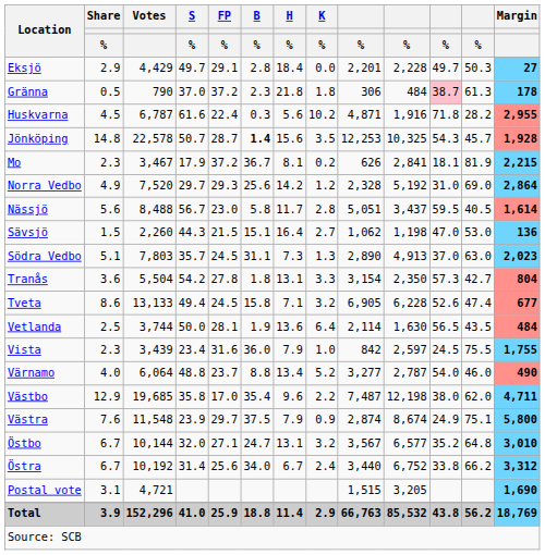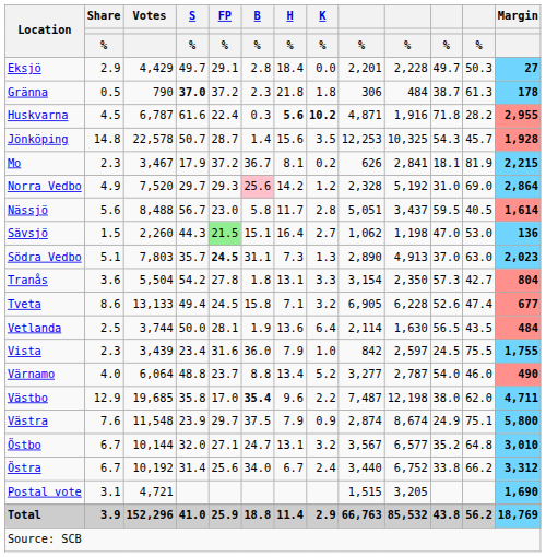 <table class="wikitable sortable" style="text-align:right; font-size:95%; line-height:20px;">
 <tr>
 <th rowspan="3">Location</th>
 <th>Share</th>
 <th>Votes</th>
 <th width="30px" class="unsortable"><a href='#'>S</a></th>
 <th width="30px" class="unsortable"><a href='#'>FP</a></th>
 <th width="30px" class="unsortable"><a href='#'>B</a></th>
 <th width="30px" class="unsortable"><a href='#'>H</a></th>
 <th width="30px" class="unsortable"><a href='#'>K</a></th>
 <th></th>
 <th></th>
 <th></th>
 <th></th>
 <th>Margin</th>
 </tr>
 <tr>
 <th></th>
 <th></th>
 <th style="background:"></th>
 <th style="background:"></th>
 <th style="background:"></th>
 <th style="background:"></th>
 <th style="background:"></th>
 <th style="background:"></th>
 <th style="background:"></th>
 <th style="background:"></th>
 <th style="background:"></th>
 <th></th>
 </tr>
 <tr>
 <th data-sort-type="number">%</th>
 <th></th>
 <th data-sort-type="number">%</th>
 <th data-sort-type="number">%</th>
 <th data-sort-type="number">%</th>
 <th data-sort-type="number">%</th>
 <th data-sort-type="number">%</th>
 <th data-sort-type="number">%</th>
 <th data-sort-type="number">%</th>
 <th data-sort-type="number">%</th>
 <th data-sort-type="number">%</th>
 <th data-sort-type="number"></th>
 </tr>
 <tr>
 <td align=left><a href='#'>Eksjö</a></td>
 <td>2.9</td>
 <td>4,429</td>
 <td>49.7</td>
 <td>29.1</td>
 <td>2.8</td>
 <td>18.4</td>
 <td>0.0</td>
 <td>2,201</td>
 <td>2,228</td>
 <td>49.7</td>
 <td>50.3</td>
 <td bgcolor=#6fd5fe><strong>27</strong></td>
 </tr>
 <tr>
 <td align=left><a href='#'>Gränna</a></td>
 <td>0.5</td>
 <td>790</td>
-<td>37.0</td>
+<td><strong>37.0</strong></td>
 <td>37.2</td>
 <td>2.3</td>
 <td>21.8</td>
 <td>1.8</td>
 <td>306</td>
 <td>484</td>
-<td style="background: pink;">38.7</td>
+<td>38.7</td>
 <td>61.3</td>
 <td bgcolor=#6fd5fe><strong>178</strong></td>
 </tr>
 <tr>
 <td align=left><a href='#'>Huskvarna</a></td>
 <td>4.5</td>
 <td>6,787</td>
 <td>61.6</td>
 <td>22.4</td>
 <td>0.3</td>
-<td>5.6</td>
-<td>10.2</td>
+<td><strong>5.6</strong></td>
+<td><strong>10.2</strong></td>
 <td>4,871</td>
 <td>1,916</td>
 <td>71.8</td>
 <td>28.2</td>
 <td bgcolor=#ff908c><strong>2,955</strong></td>
 </tr>
 <tr>
 <td align=left><a href='#'>Jönköping</a></td>
 <td>14.8</td>
 <td>22,578</td>
 <td>50.7</td>
 <td>28.7</td>
-<td><strong>1.4</strong></td>
+<td>1.4</td>
 <td>15.6</td>
 <td>3.5</td>
 <td>12,253</td>
 <td>10,325</td>
 <td>54.3</td>
 <td>45.7</td>
 <td bgcolor=#ff908c><strong>1,928</strong></td>
 </tr>
 <tr>
 <td align=left><a href='#'>Mo</a></td>
 <td>2.3</td>
 <td>3,467</td>
 <td>17.9</td>
 <td>37.2</td>
 <td>36.7</td>
 <td>8.1</td>
 <td>0.2</td>
 <td>626</td>
 <td>2,841</td>
 <td>18.1</td>
 <td>81.9</td>
 <td bgcolor=#6fd5fe><strong>2,215</strong></td>
 </tr>
 <tr>
 <td align=left><a href='#'>Norra Vedbo</a></td>
 <td>4.9</td>
 <td>7,520</td>
 <td>29.7</td>
 <td>29.3</td>
-<td>25.6</td>
+<td style="background: pink;">25.6</td>
 <td>14.2</td>
 <td>1.2</td>
 <td>2,328</td>
 <td>5,192</td>
 <td>31.0</td>
 <td>69.0</td>
 <td bgcolor=#6fd5fe><strong>2,864</strong></td>
 </tr>
 <tr>
 <td align=left><a href='#'>Nässjö</a></td>
 <td>5.6</td>
 <td>8,488</td>
 <td>56.7</td>
 <td>23.0</td>
 <td>5.8</td>
 <td>11.7</td>
 <td>2.8</td>
 <td>5,051</td>
 <td>3,437</td>
 <td>59.5</td>
 <td>40.5</td>
 <td bgcolor=#ff908c><strong>1,614</strong></td>
 </tr>
 <tr>
 <td align=left><a href='#'>Sävsjö</a></td>
 <td>1.5</td>
 <td>2,260</td>
 <td>44.3</td>
-<td>21.5</td>
+<td style="background: lightgreen;">21.5</td>
 <td>15.1</td>
 <td>16.4</td>
 <td>2.7</td>
 <td>1,062</td>
 <td>1,198</td>
 <td>47.0</td>
 <td>53.0</td>
 <td bgcolor=#6fd5fe><strong>136</strong></td>
 </tr>
 <tr>
 <td align=left><a href='#'>Södra Vedbo</a></td>
 <td>5.1</td>
 <td>7,803</td>
 <td>35.7</td>
-<td>24.5</td>
+<td><strong>24.5</strong></td>
 <td>31.1</td>
 <td>7.3</td>
 <td>1.3</td>
 <td>2,890</td>
 <td>4,913</td>
 <td>37.0</td>
 <td>63.0</td>
 <td bgcolor=#6fd5fe><strong>2,023</strong></td>
 </tr>
 <tr>
 <td align=left><a href='#'>Tranås</a></td>
 <td>3.6</td>
 <td>5,504</td>
 <td>54.2</td>
 <td>27.8</td>
 <td>1.8</td>
 <td>13.1</td>
 <td>3.3</td>
 <td>3,154</td>
 <td>2,350</td>
 <td>57.3</td>
 <td>42.7</td>
 <td bgcolor=#ff908c><strong>804</strong></td>
 </tr>
 <tr>
 <td align=left><a href='#'>Tveta</a></td>
 <td>8.6</td>
 <td>13,133</td>
 <td>49.4</td>
 <td>24.5</td>
 <td>15.8</td>
 <td>7.1</td>
 <td>3.2</td>
 <td>6,905</td>
 <td>6,228</td>
 <td>52.6</td>
 <td>47.4</td>
 <td bgcolor=#ff908c><strong>677</strong></td>
 </tr>
 <tr>
 <td align=left><a href='#'>Vetlanda</a></td>
 <td>2.5</td>
 <td>3,744</td>
 <td>50.0</td>
 <td>28.1</td>
 <td>1.9</td>
 <td>13.6</td>
 <td>6.4</td>
 <td>2,114</td>
 <td>1,630</td>
 <td>56.5</td>
 <td>43.5</td>
 <td bgcolor=#ff908c><strong>484</strong></td>
 </tr>
 <tr>
 <td align=left><a href='#'>Vista</a></td>
 <td>2.3</td>
 <td>3,439</td>
 <td>23.4</td>
 <td>31.6</td>
 <td>36.0</td>
 <td>7.9</td>
 <td>1.0</td>
 <td>842</td>
 <td>2,597</td>
 <td>24.5</td>
 <td>75.5</td>
 <td bgcolor=#6fd5fe><strong>1,755</strong></td>
 </tr>
 <tr>
 <td align=left><a href='#'>Värnamo</a></td>
 <td>4.0</td>
 <td>6,064</td>
 <td>48.8</td>
 <td>23.7</td>
 <td>8.8</td>
 <td>13.4</td>
 <td>5.2</td>
 <td>3,277</td>
 <td>2,787</td>
 <td>54.0</td>
 <td>46.0</td>
 <td bgcolor=#ff908c><strong>490</strong></td>
 </tr>
 <tr>
 <td align=left><a href='#'>Västbo</a></td>
 <td>12.9</td>
 <td>19,685</td>
 <td>35.8</td>
 <td>17.0</td>
-<td>35.4</td>
+<td><strong>35.4</strong></td>
 <td>9.6</td>
 <td>2.2</td>
 <td>7,487</td>
 <td>12,198</td>
 <td>38.0</td>
 <td>62.0</td>
 <td bgcolor=#6fd5fe><strong>4,711</strong></td>
 </tr>
 <tr>
 <td align=left><a href='#'>Västra</a></td>
 <td>7.6</td>
 <td>11,548</td>
 <td>23.9</td>
 <td>29.7</td>
 <td>37.5</td>
 <td>7.9</td>
 <td>0.9</td>
 <td>2,874</td>
 <td>8,674</td>
 <td>24.9</td>
 <td>75.1</td>
 <td bgcolor=#6fd5fe><strong>5,800</strong></td>
 </tr>
 <tr>
 <td align=left><a href='#'>Östbo</a></td>
 <td>6.7</td>
 <td>10,144</td>
 <td>32.0</td>
 <td>27.1</td>
 <td>24.7</td>
 <td>13.1</td>
 <td>3.2</td>
 <td>3,567</td>
 <td>6,577</td>
 <td>35.2</td>
 <td>64.8</td>
 <td bgcolor=#6fd5fe><strong>3,010</strong></td>
 </tr>
 <tr>
 <td align=left><a href='#'>Östra</a></td>
 <td>6.7</td>
 <td>10,192</td>
 <td>31.4</td>
 <td>25.6</td>
 <td>34.0</td>
 <td>6.7</td>
 <td>2.4</td>
 <td>3,440</td>
 <td>6,752</td>
 <td>33.8</td>
 <td>66.2</td>
 <td bgcolor=#6fd5fe><strong>3,312</strong></td>
 </tr>
 <tr>
 <td align=left><a href='#'>Postal vote</a></td>
 <td>3.1</td>
 <td>4,721</td>
 <td></td>
 <td></td>
 <td></td>
 <td></td>
 <td></td>
 <td>1,515</td>
 <td>3,205</td>
 <td></td>
 <td></td>
 <td bgcolor=#6fd5fe><strong>1,690</strong></td>
 </tr>
 <tr>
 </tr>
 <tr style="background:#CDCDCD;">
 <td align=left><strong>Total</strong></td>
 <td><strong>3.9</strong></td>
 <td><strong>152,296</strong></td>
 <td><strong>41.0</strong></td>
 <td><strong>25.9</strong></td>
 <td><strong>18.8</strong></td>
 <td><strong>11.4</strong></td>
 <td><strong>2.9</strong></td>
 <td><strong>66,763</strong></td>
 <td><strong>85,532</strong></td>
 <td><strong>43.8</strong></td>
 <td><strong>56.2</strong></td>
 <td bgcolor=#6fd5fe><strong>18,769</strong></td>
 </tr>
 <tr>
 <td align=left colspan=13>Source: SCB </td>
 </tr>
 </table>
